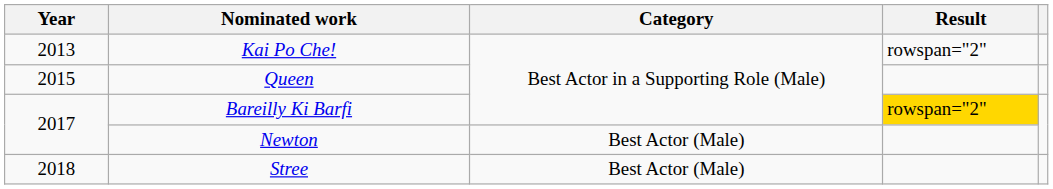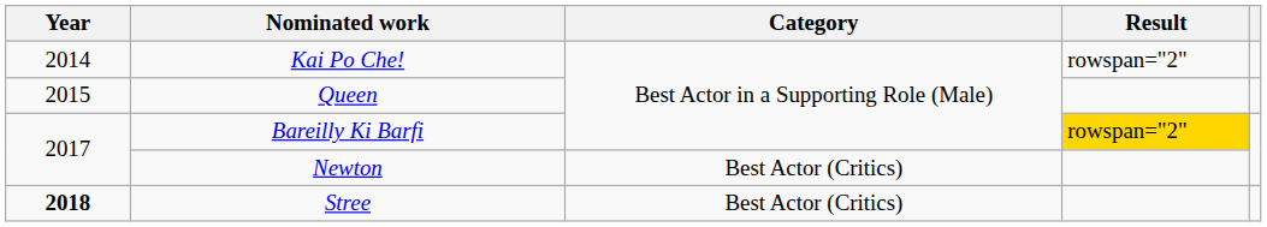 <table class="wikitable plainrowheaders sortable" width="70%">
 <tr>
 <th width="10%">Year</th>
 <th width="35%">Nominated work</th>
 <th width="40%">Category</th>
 <th width="15%">Result</th>
 <th scope="col" class="unsortable"></th>
 </tr>
 <tr>
-<td align="center">2013</td>
+<td align="center">2014</td>
 <td align="center"><em><a href='#'>Kai Po Che!</a></em></td>
 <td rowspan="3" align="center">Best Actor in a Supporting Role (Male)</td>
 <td>rowspan="2" </td>
 <td style="text-align:center;"></td>
 </tr>
 <tr>
 <td align="center">2015</td>
 <td align="center"><em><a href='#'>Queen</a></em></td>
 <td style="text-align:center;"></td>
 </tr>
 <tr>
 <td rowspan="2" align="center">2017</td>
 <td align="center"><em><a href='#'>Bareilly Ki Barfi</a></em></td>
 <td style="background: gold;">rowspan="2" </td>
 <td rowspan="2" style="text-align:center;"></td>
 </tr>
 <tr>
 <td align="center"><em><a href='#'>Newton</a></em></td>
-<td align="center">Best Actor (Male)</td>
+<td align="center">Best Actor (Critics)</td>
 </tr>
 <tr>
-<td align="center">2018</td>
+<td align="center"><strong>2018</strong></td>
 <td align="center"><em><a href='#'>Stree</a></em></td>
-<td align="center">Best Actor (Male)</td>
+<td align="center">Best Actor (Critics)</td>
 <td></td>
 <td style="text-align:center;"></td>
 </tr>
 </table>
